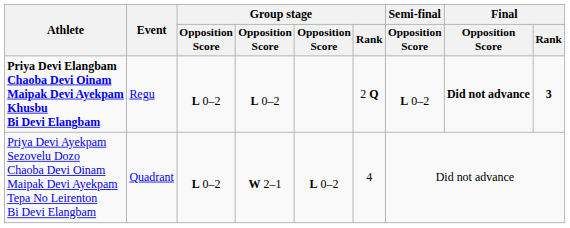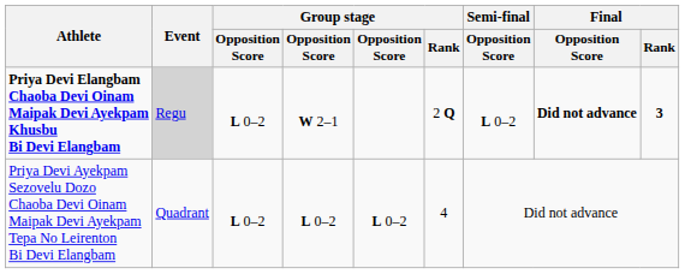 <table class="wikitable" style="font-size:90%;text-align:center">
 <tr>
 <th rowspan="2">Athlete</th>
 <th rowspan="2">Event</th>
 <th colspan="4">Group stage</th>
 <th>Semi-final</th>
 <th colspan="2">Final</th>
 </tr>
 <tr style="font-size:95%">
 <th>Opposition<br>Score</th>
 <th>Opposition<br>Score</th>
 <th>Opposition<br>Score</th>
 <th>Rank</th>
 <th>Opposition<br>Score</th>
 <th>Opposition<br>Score</th>
 <th>Rank</th>
 </tr>
 <tr>
 <td style="text-align:left"><strong>Priya Devi Elangbam<br><a href='#'>Chaoba Devi Oinam</a><br><a href='#'>Maipak Devi Ayekpam</a><br><a href='#'>Khusbu</a><br><a href='#'>Bi Devi Elangbam</a></strong></td>
-<td style="text-align:left"><a href='#'>Regu</a></td>
+<td style="background: lightgrey; text-align:left"><a href='#'>Regu</a></td>
 <td><br><strong>L</strong> 0–2</td>
-<td><br><strong>L</strong> 0–2</td>
+<td><br><strong>W</strong> 2–1</td>
 <td></td>
 <td>2 <strong>Q</strong></td>
 <td><br><strong>L</strong> 0–2</td>
 <td><strong>Did not advance</strong></td>
 <td><strong>3</strong></td>
 </tr>
 <tr>
 <td style="text-align:left"><a href='#'>Priya Devi Ayekpam</a><br><a href='#'>Sezovelu Dozo</a><br><a href='#'>Chaoba Devi Oinam</a><br><a href='#'>Maipak Devi Ayekpam</a><br><a href='#'>Tepa No Leirenton</a><br><a href='#'>Bi Devi Elangbam</a></td>
 <td style="text-align:left"><a href='#'>Quadrant</a></td>
 <td><br><strong>L</strong> 0–2</td>
-<td><br><strong>W</strong> 2–1</td>
+<td><br><strong>L</strong> 0–2</td>
 <td><br><strong>L</strong> 0–2</td>
 <td>4</td>
 <td colspan="3">Did not advance</td>
 </tr>
 </table>
